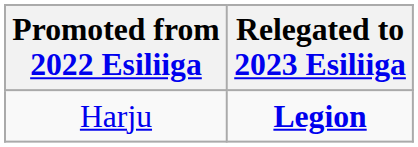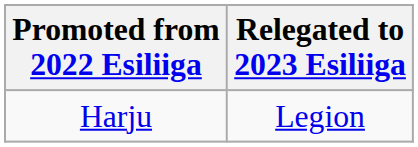 <table class="wikitable">
 <tr>
 <th>Promoted from<br><a href='#'>2022 Esiliiga</a></th>
 <th>Relegated to<br><a href='#'>2023 Esiliiga</a></th>
 </tr>
 <tr>
 <td align=center><a href='#'>Harju</a></td>
-<td align=center><strong><a href='#'>Legion</a></strong></td>
+<td align=center><a href='#'>Legion</a></td>
 </tr>
 </table>
